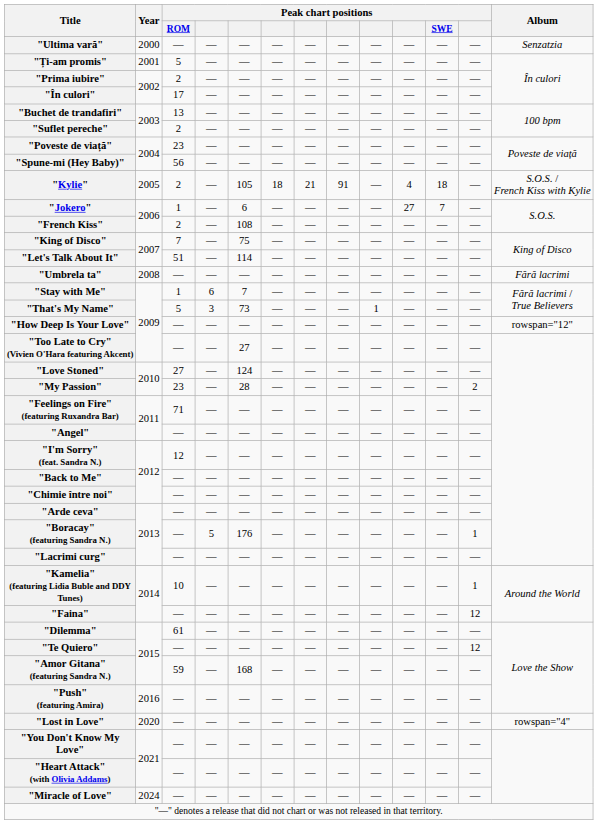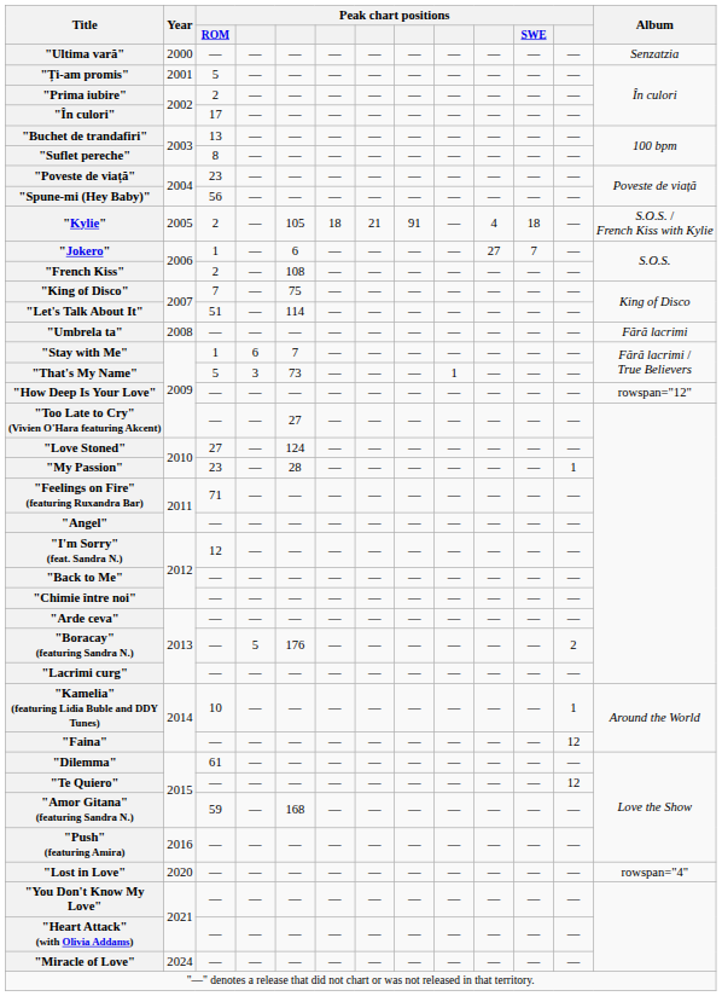 <table class="wikitable plainrowheaders" style="text-align:center;">
 <tr>
 <th scope="col" rowspan="2" style="width:12em;">Title</th>
 <th scope="col" rowspan="2">Year</th>
 <th scope="col" colspan="10">Peak chart positions</th>
 <th scope="col" rowspan="2">Album</th>
 </tr>
 <tr>
 <th scope="col" style="width:3em;font-size:90%;"><a href='#'>ROM</a><br></th>
 <th scope="col" style="width:3em;font-size:90%;"><a href='#'></a><br></th>
 <th scope="col" style="width:3em;font-size:90%;"><a href='#'></a><br></th>
 <th scope="col" style="width:3em;font-size:90%;"><a href='#'></a><br></th>
 <th scope="col" style="width:3em;font-size:90%;"><a href='#'></a><br></th>
 <th scope="col" style="width:3em;font-size:90%;"><a href='#'></a><br></th>
 <th scope="col" style="width:3em;font-size:90%;"><a href='#'></a><br></th>
 <th scope="col" style="width:3em;font-size:90%;"><a href='#'></a><br></th>
 <th scope="col" style="width:3em;font-size:90%;"><a href='#'>SWE</a><br></th>
 <th scope="col" style="width:3em;font-size:90%;"><a href='#'></a><br></th>
 </tr>
 <tr>
 <th scope="row">"Ultima vară"</th>
 <td rowspan="1">2000</td>
 <td>—</td>
 <td>—</td>
 <td>—</td>
 <td>—</td>
 <td>—</td>
 <td>—</td>
 <td>—</td>
 <td>—</td>
 <td>—</td>
 <td>—</td>
 <td rowspan="1"><em>Senzatzia</em></td>
 </tr>
 <tr>
 <th scope="row">"Ți-am promis"</th>
 <td rowspan="1">2001</td>
 <td>5</td>
 <td>—</td>
 <td>—</td>
 <td>—</td>
 <td>—</td>
 <td>—</td>
 <td>—</td>
 <td>—</td>
 <td>—</td>
 <td>—</td>
 <td rowspan="3"><em>În culori</em></td>
 </tr>
 <tr>
 <th scope="row">"Prima iubire"</th>
 <td rowspan="2">2002</td>
 <td>2</td>
 <td>—</td>
 <td>—</td>
 <td>—</td>
 <td>—</td>
 <td>—</td>
 <td>—</td>
 <td>—</td>
 <td>—</td>
 <td>—</td>
 </tr>
 <tr>
 <th scope="row">"În culori"</th>
 <td>17</td>
 <td>—</td>
 <td>—</td>
 <td>—</td>
 <td>—</td>
 <td>—</td>
 <td>—</td>
 <td>—</td>
 <td>—</td>
 <td>—</td>
 </tr>
 <tr>
 <th scope="row">"Buchet de trandafiri"</th>
 <td rowspan="2">2003</td>
 <td>13</td>
 <td>—</td>
 <td>—</td>
 <td>—</td>
 <td>—</td>
 <td>—</td>
 <td>—</td>
 <td>—</td>
 <td>—</td>
 <td>—</td>
 <td rowspan="2"><em>100 bpm</em></td>
 </tr>
 <tr>
 <th scope="row">"Suflet pereche"</th>
-<td>2<br></td>
+<td>8</td>
 <td>—</td>
 <td>—</td>
 <td>—</td>
 <td>—</td>
 <td>—</td>
 <td>—</td>
 <td>—</td>
 <td>—</td>
 <td>—</td>
 </tr>
 <tr>
 <th scope="row">"Poveste de viață"</th>
 <td rowspan="2">2004</td>
 <td>23</td>
 <td>—</td>
 <td>—</td>
 <td>—</td>
 <td>—</td>
 <td>—</td>
 <td>—</td>
 <td>—</td>
 <td>—</td>
 <td>—</td>
 <td rowspan="2"><em>Poveste de viață</em></td>
 </tr>
 <tr>
 <th scope="row">"Spune-mi (Hey Baby)"</th>
 <td>56</td>
 <td>—</td>
 <td>—</td>
 <td>—</td>
 <td>—</td>
 <td>—</td>
 <td>—</td>
 <td>—</td>
 <td>—</td>
 <td>—</td>
 </tr>
 <tr>
 <th scope="row">"<a href='#'>Kylie</a>"</th>
 <td rowspan="1">2005</td>
 <td>2<br></td>
 <td>—</td>
 <td>105</td>
 <td>18</td>
 <td>21</td>
 <td>91</td>
 <td>—</td>
 <td>4</td>
 <td>18</td>
 <td>—</td>
 <td rowspan="1"><em>S.O.S.</em> /<br><em>French Kiss with Kylie</em></td>
 </tr>
 <tr>
 <th scope="row">"<a href='#'>Jokero</a>"</th>
 <td rowspan="2">2006</td>
 <td>1</td>
 <td>—</td>
 <td>6</td>
 <td>—</td>
 <td>—</td>
 <td>—</td>
 <td>—</td>
 <td>27</td>
 <td>7</td>
 <td>—</td>
 <td rowspan="2"><em>S.O.S.</em></td>
 </tr>
 <tr>
 <th scope="row">"French Kiss"</th>
 <td>2</td>
 <td>—</td>
 <td>108</td>
 <td>—</td>
 <td>—</td>
 <td>—</td>
 <td>—</td>
 <td>—</td>
 <td>—</td>
 <td>—</td>
 </tr>
 <tr>
 <th scope="row">"King of Disco"</th>
 <td rowspan="2">2007</td>
 <td>7</td>
 <td>—</td>
 <td>75</td>
 <td>—</td>
 <td>—</td>
 <td>—</td>
 <td>—</td>
 <td>—</td>
 <td>—</td>
 <td>—</td>
 <td rowspan="2"><em>King of Disco</em></td>
 </tr>
 <tr>
 <th scope="row">"Let's Talk About It"</th>
 <td>51</td>
 <td>—</td>
 <td>114</td>
 <td>—</td>
 <td>—</td>
 <td>—</td>
 <td>—</td>
 <td>—</td>
 <td>—</td>
 <td>—</td>
 </tr>
 <tr>
 <th scope="row">"Umbrela ta"</th>
 <td rowspan="1">2008</td>
 <td>—</td>
 <td>—</td>
 <td>—</td>
 <td>—</td>
 <td>—</td>
 <td>—</td>
 <td>—</td>
 <td>—</td>
 <td>—</td>
 <td>—</td>
 <td rowspan="1"><em>Fără lacrimi</em></td>
 </tr>
 <tr>
 <th scope="row">"Stay with Me"</th>
 <td rowspan="4">2009</td>
 <td>1</td>
 <td>6</td>
 <td>7</td>
 <td>—</td>
 <td>—</td>
 <td>—</td>
 <td>—</td>
 <td>—</td>
 <td>—</td>
 <td>—</td>
 <td rowspan="2"><em>Fără lacrimi</em> /<br><em>True Believers</em></td>
 </tr>
 <tr>
 <th scope="row">"That's My Name"</th>
 <td>5</td>
 <td>3</td>
 <td>73</td>
 <td>—</td>
 <td>—</td>
 <td>—</td>
 <td>1</td>
 <td>—</td>
 <td>—</td>
 <td>—</td>
 </tr>
 <tr>
 <th scope="row">"How Deep Is Your Love"</th>
 <td>—</td>
 <td>—</td>
 <td>—</td>
 <td>—</td>
 <td>—</td>
 <td>—</td>
 <td>—</td>
 <td>—</td>
 <td>—</td>
 <td>—</td>
 <td>rowspan="12" </td>
 </tr>
 <tr>
 <th scope="row">"Too Late to Cry"<br><small>(Vivien O'Hara featuring Akcent)</small></th>
 <td>—</td>
 <td>—</td>
 <td>27</td>
 <td>—</td>
 <td>—</td>
 <td>—</td>
 <td>—</td>
 <td>—</td>
 <td>—</td>
 <td>—</td>
 </tr>
 <tr>
 <th scope="row">"Love Stoned"</th>
 <td rowspan="2">2010</td>
 <td>27</td>
 <td>—</td>
 <td>124</td>
 <td>—</td>
 <td>—</td>
 <td>—</td>
 <td>—</td>
 <td>—</td>
 <td>—</td>
 <td>—</td>
 </tr>
 <tr>
 <th scope="row">"My Passion"</th>
 <td>23</td>
 <td>—</td>
 <td>28</td>
 <td>—</td>
 <td>—</td>
 <td>—</td>
 <td>—</td>
 <td>—</td>
 <td>—</td>
-<td>2</td>
+<td>1</td>
 </tr>
 <tr>
 <th scope="row">"Feelings on Fire"<br><small>(featuring Ruxandra Bar)</small></th>
 <td rowspan="2">2011</td>
 <td>71</td>
 <td>—</td>
 <td>—</td>
 <td>—</td>
 <td>—</td>
 <td>—</td>
 <td>—</td>
 <td>—</td>
 <td>—</td>
 <td>—</td>
 </tr>
 <tr>
 <th scope="row">"Angel"</th>
 <td>—</td>
 <td>—</td>
 <td>—</td>
 <td>—</td>
 <td>—</td>
 <td>—</td>
 <td>—</td>
 <td>—</td>
 <td>—</td>
 <td>—</td>
 </tr>
 <tr>
 <th scope="row">"I'm Sorry"<br><small>(feat. Sandra N.)</small></th>
 <td rowspan="3">2012</td>
 <td>12</td>
 <td>—</td>
 <td>—</td>
 <td>—</td>
 <td>—</td>
 <td>—</td>
 <td>—</td>
 <td>—</td>
 <td>—</td>
 <td>—</td>
 </tr>
 <tr>
 <th scope="row">"Back to Me"</th>
 <td>—</td>
 <td>—</td>
 <td>—</td>
 <td>—</td>
 <td>—</td>
 <td>—</td>
 <td>—</td>
 <td>—</td>
 <td>—</td>
 <td>—</td>
 </tr>
 <tr>
 <th scope="row">"Chimie între noi"</th>
 <td>—</td>
 <td>—</td>
 <td>—</td>
 <td>—</td>
 <td>—</td>
 <td>—</td>
 <td>—</td>
 <td>—</td>
 <td>—</td>
 <td>—</td>
 </tr>
 <tr>
 <th scope="row">"Arde ceva"</th>
 <td rowspan="3">2013</td>
 <td>—</td>
 <td>—</td>
 <td>—</td>
 <td>—</td>
 <td>—</td>
 <td>—</td>
 <td>—</td>
 <td>—</td>
 <td>—</td>
 <td>—</td>
 </tr>
 <tr>
 <th scope="row">"Boracay"<br><small>(featuring Sandra N.)</small></th>
 <td>—</td>
 <td>5</td>
 <td>176</td>
 <td>—</td>
 <td>—</td>
 <td>—</td>
 <td>—</td>
 <td>—</td>
 <td>—</td>
-<td>1</td>
+<td>2</td>
 </tr>
 <tr>
 <th scope="row">"Lacrimi curg"</th>
 <td>—</td>
 <td>—</td>
 <td>—</td>
 <td>—</td>
 <td>—</td>
 <td>—</td>
 <td>—</td>
 <td>—</td>
 <td>—</td>
 <td>—</td>
 </tr>
 <tr>
 <th scope="row">"Kamelia"<br><small>(featuring Lidia Buble and DDY Tunes)</small></th>
 <td rowspan="2">2014</td>
 <td>10</td>
 <td>—</td>
 <td>—</td>
 <td>—</td>
 <td>—</td>
 <td>—</td>
 <td>—</td>
 <td>—</td>
 <td>—</td>
 <td>1</td>
 <td rowspan="2"><em>Around the World</em></td>
 </tr>
 <tr>
 <th scope="row">"Faina"</th>
 <td>—</td>
 <td>—</td>
 <td>—</td>
 <td>—</td>
 <td>—</td>
 <td>—</td>
 <td>—</td>
 <td>—</td>
 <td>—</td>
 <td>12</td>
 </tr>
 <tr>
 <th scope="row">"Dilemma"</th>
 <td rowspan="3">2015</td>
 <td>61</td>
 <td>—</td>
 <td>—</td>
 <td>—</td>
 <td>—</td>
 <td>—</td>
 <td>—</td>
 <td>—</td>
 <td>—</td>
 <td>—</td>
 <td rowspan="4"><em>Love the Show</em></td>
 </tr>
 <tr>
 <th scope="row">"Te Quiero"</th>
 <td>—</td>
 <td>—</td>
 <td>—</td>
 <td>—</td>
 <td>—</td>
 <td>—</td>
 <td>—</td>
 <td>—</td>
 <td>—</td>
 <td>12</td>
 </tr>
 <tr>
 <th scope="row">"Amor Gitana"<br><small>(featuring Sandra N.)</small></th>
 <td>59</td>
 <td>—</td>
 <td>168</td>
 <td>—</td>
 <td>—</td>
 <td>—</td>
 <td>—</td>
 <td>—</td>
 <td>—</td>
 <td>—</td>
 </tr>
 <tr>
 <th scope="row">"Push"<br><small>(featuring Amira)</small></th>
 <td>2016</td>
 <td>—</td>
 <td>—</td>
 <td>—</td>
 <td>—</td>
 <td>—</td>
 <td>—</td>
 <td>—</td>
 <td>—</td>
 <td>—</td>
 <td>—</td>
 </tr>
 <tr>
 <th scope="row">"Lost in Love"</th>
 <td>2020</td>
 <td>—</td>
 <td>—</td>
 <td>—</td>
 <td>—</td>
 <td>—</td>
 <td>—</td>
 <td>—</td>
 <td>—</td>
 <td>—</td>
 <td>—</td>
 <td>rowspan="4" </td>
 </tr>
 <tr>
 <th scope="row">"You Don't Know My Love"</th>
 <td rowspan="2">2021</td>
 <td>—</td>
 <td>—</td>
 <td>—</td>
 <td>—</td>
 <td>—</td>
 <td>—</td>
 <td>—</td>
 <td>—</td>
 <td>—</td>
 <td>—</td>
 </tr>
 <tr>
 <th scope="row">"Heart Attack"<br><small>(with <a href='#'>Olivia Addams</a>)</small></th>
 <td>—</td>
 <td>—</td>
 <td>—</td>
 <td>—</td>
 <td>—</td>
 <td>—</td>
 <td>—</td>
 <td>—</td>
 <td>—</td>
 <td>—</td>
 </tr>
 <tr>
 <th scope="row">"Miracle of Love"</th>
 <td>2024</td>
 <td>—</td>
 <td>—</td>
 <td>—</td>
 <td>—</td>
 <td>—</td>
 <td>—</td>
 <td>—</td>
 <td>—</td>
 <td>—</td>
 <td>—</td>
 </tr>
 <tr>
 <td colspan="13" style="font-size:90%">"—" denotes a release that did not chart or was not released in that territory.</td>
 </tr>
 </table>
